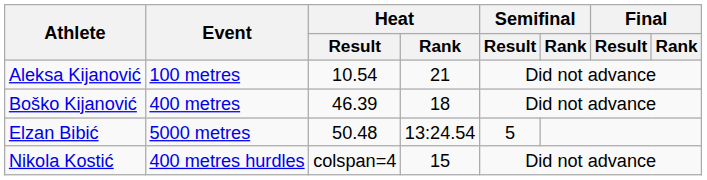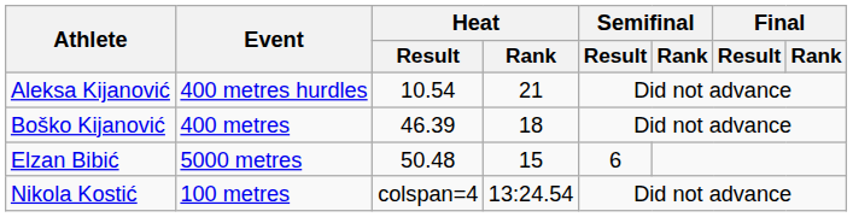 <table class=wikitable style=font-size:90%>
 <tr>
 <th rowspan=2>Athlete</th>
 <th rowspan=2>Event</th>
 <th colspan=2>Heat</th>
 <th colspan=2>Semifinal</th>
 <th colspan=2>Final</th>
 </tr>
 <tr style=font-size:95%>
 <th>Result</th>
 <th>Rank</th>
 <th>Result</th>
 <th>Rank</th>
 <th>Result</th>
 <th>Rank</th>
 </tr>
 <tr align=center>
 <td align=left><a href='#'>Aleksa Kijanović</a></td>
-<td align=left><a href='#'>100 metres</a></td>
+<td align=left><a href='#'>400 metres hurdles</a></td>
 <td>10.54</td>
 <td>21</td>
 <td colspan=4>Did not advance</td>
 </tr>
 <tr align=center>
 <td align=left><a href='#'>Boško Kijanović</a></td>
 <td align=left><a href='#'>400 metres</a></td>
 <td>46.39</td>
 <td>18</td>
 <td colspan=4>Did not advance</td>
 </tr>
 <tr align=center>
 <td align=left><a href='#'>Elzan Bibić</a></td>
 <td align=left><a href='#'>5000 metres</a></td>
 <td>50.48</td>
-<td>13:24.54</td>
-<td>5</td>
+<td>15</td>
+<td>6</td>
 </tr>
 <tr align=center>
 <td align=left><a href='#'>Nikola Kostić</a></td>
-<td align=left><a href='#'>400 metres hurdles</a></td>
+<td align=left><a href='#'>100 metres</a></td>
 <td>colspan=4</td>
-<td>15</td>
+<td>13:24.54</td>
 <td colspan=4>Did not advance</td>
 </tr>
 </table>
